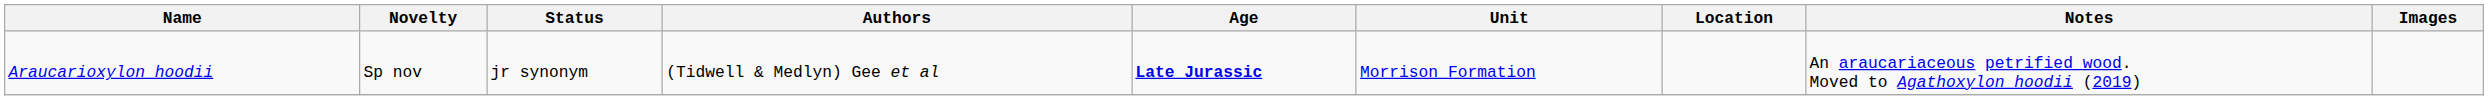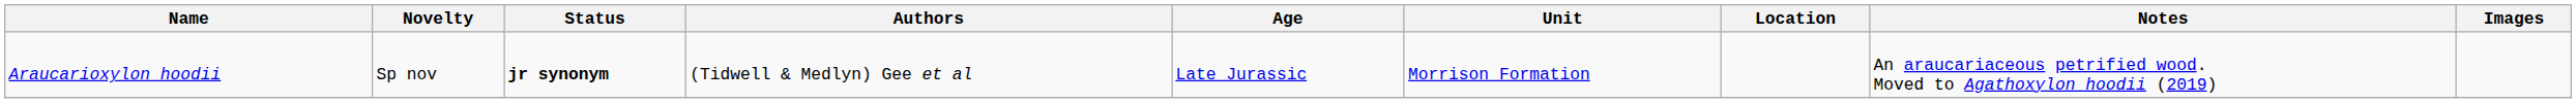 <table class="wikitable sortable" align="center" width="100%">
 <tr>
 <th>Name</th>
 <th>Novelty</th>
 <th>Status</th>
 <th>Authors</th>
 <th>Age</th>
 <th>Unit</th>
 <th>Location</th>
 <th>Notes</th>
 <th>Images</th>
 </tr>
 <tr>
 <td><br><em><a href='#'>Araucarioxylon hoodii</a></em></td>
 <td><br>Sp nov</td>
-<td><br>jr synonym</td>
+<td><strong><br>jr synonym</strong></td>
 <td><br>(Tidwell & Medlyn) Gee <em>et al</em></td>
-<td><strong><br><a href='#'>Late Jurassic</a></strong></td>
+<td><br><a href='#'>Late Jurassic</a></td>
 <td><br><a href='#'>Morrison Formation</a></td>
 <td><br><br></td>
 <td><br>An <a href='#'>araucariaceous</a> <a href='#'>petrified wood</a>.<br>Moved to <em><a href='#'>Agathoxylon hoodii</a></em> (<a href='#'>2019</a>)</td>
 <td></td>
 </tr>
 <tr>
 </tr>
 </table>
